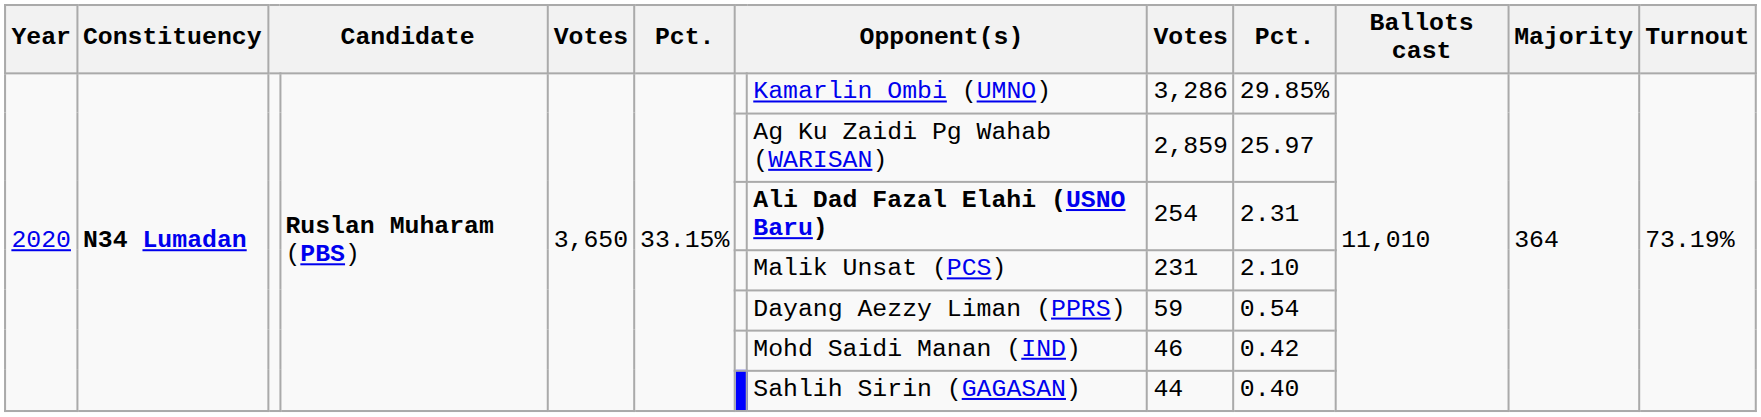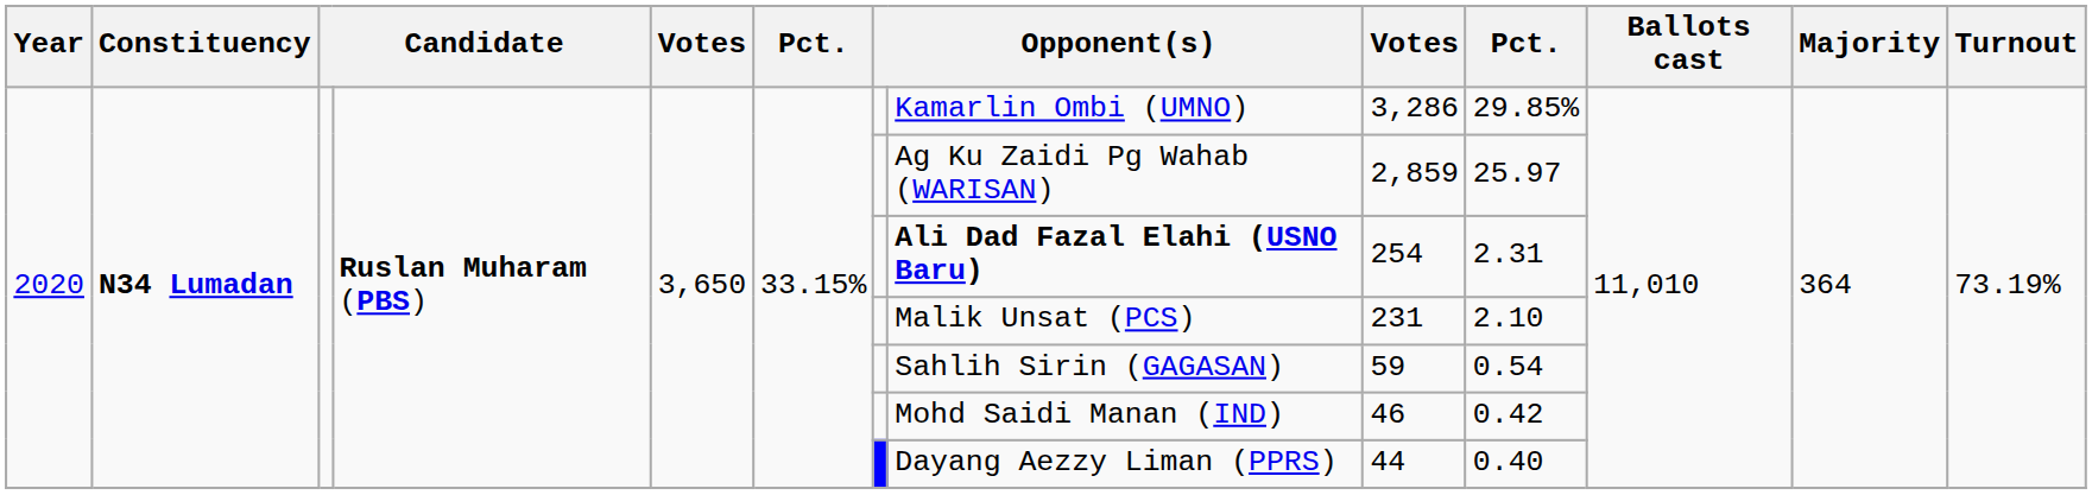 <table class="wikitable" style="margin:0.5em ; font-size:95%">
 <tr>
 <th>Year</th>
 <th>Constituency</th>
 <th colspan="2">Candidate</th>
 <th>Votes</th>
 <th>Pct.</th>
 <th colspan="2">Opponent(s)</th>
 <th>Votes</th>
 <th>Pct.</th>
 <th>Ballots cast</th>
 <th>Majority</th>
 <th>Turnout</th>
 </tr>
 <tr>
 <td rowspan="7"><a href='#'>2020</a></td>
 <td rowspan="7"><strong>N34 <a href='#'>Lumadan</a></strong></td>
 <td rowspan="7" bgcolor= ></td>
 <td rowspan="7"><strong>Ruslan Muharam</strong> (<a href='#'><strong>PBS</strong></a>)</td>
 <td rowspan="7">3,650</td>
 <td rowspan="7">33.15%</td>
 <td></td>
 <td><a href='#'>Kamarlin Ombi</a> (<a href='#'>UMNO</a>)</td>
 <td>3,286</td>
 <td>29.85%</td>
 <td rowspan="7">11,010</td>
 <td rowspan="7">364</td>
 <td rowspan="7">73.19%</td>
 </tr>
 <tr>
 <td></td>
 <td>Ag Ku Zaidi Pg Wahab (<a href='#'>WARISAN</a>)</td>
 <td>2,859</td>
 <td>25.97</td>
 </tr>
 <tr>
 <td bgcolor = ></td>
 <td><strong>Ali Dad Fazal Elahi (<a href='#'>USNO Baru</a>)</strong></td>
 <td>254</td>
 <td>2.31</td>
 </tr>
 <tr>
 <td bgcolor= ></td>
 <td>Malik Unsat (<a href='#'>PCS</a>)</td>
 <td>231</td>
 <td>2.10</td>
 </tr>
 <tr>
 <td bgcolor = ></td>
-<td>Dayang Aezzy Liman (<a href='#'>PPRS</a>)</td>
+<td>Sahlih Sirin (<a href='#'>GAGASAN</a>)</td>
 <td>59</td>
 <td>0.54</td>
 </tr>
 <tr>
 <td></td>
 <td>Mohd Saidi Manan (<a href='#'>IND</a>)</td>
 <td>46</td>
 <td>0.42</td>
 </tr>
 <tr>
 <td bgcolor= blue></td>
-<td>Sahlih Sirin (<a href='#'>GAGASAN</a>)</td>
+<td>Dayang Aezzy Liman (<a href='#'>PPRS</a>)</td>
 <td>44</td>
 <td>0.40</td>
 </tr>
 </table>
